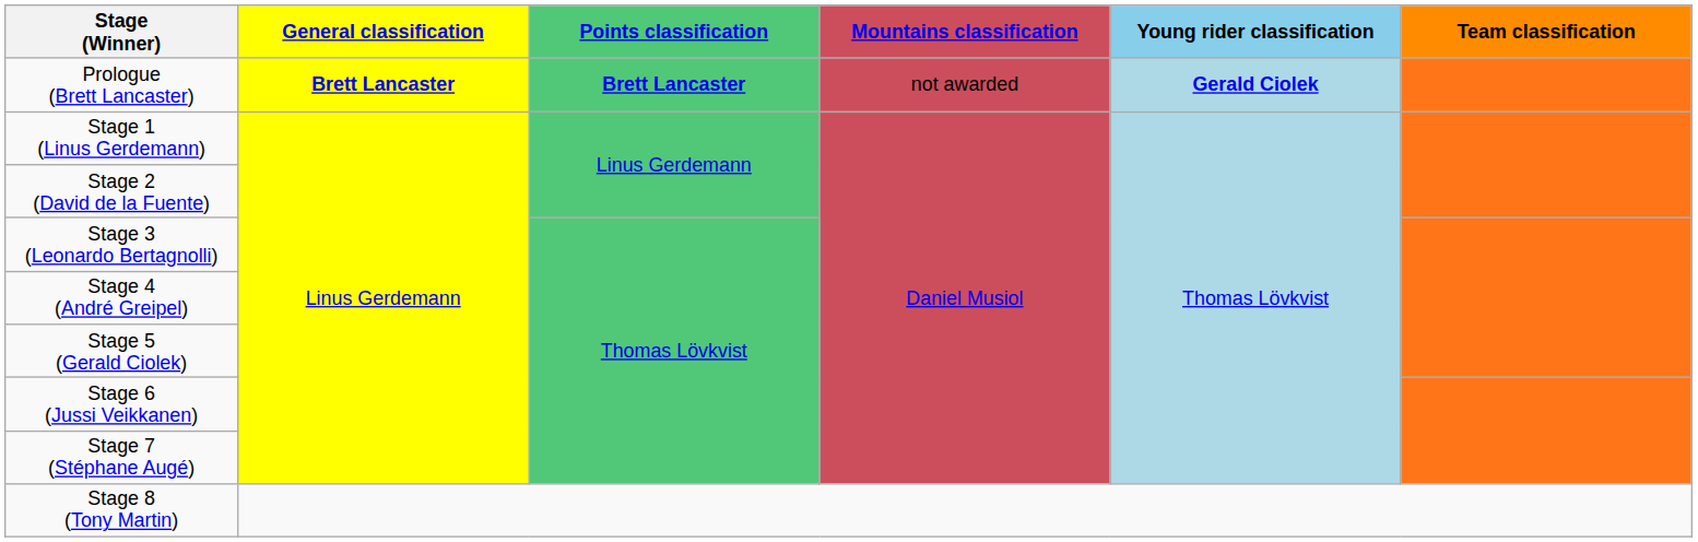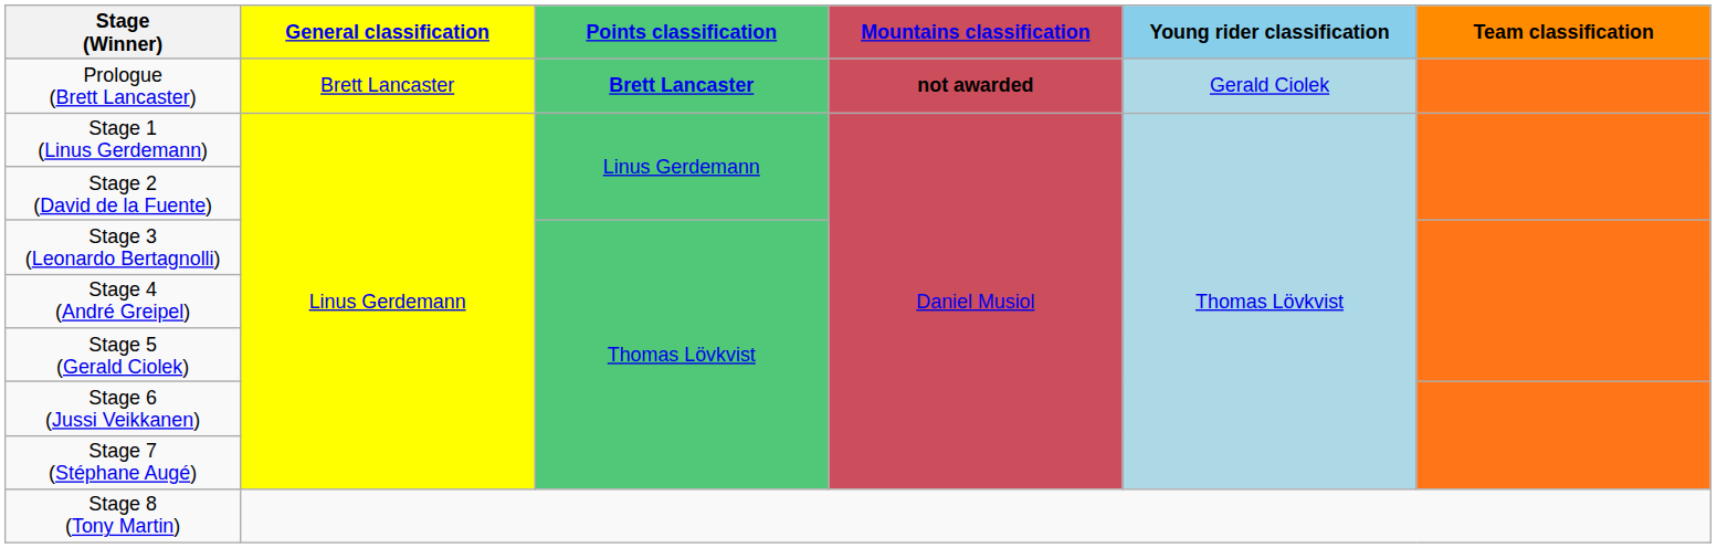 <table class="wikitable" style="text-align: center; font-size:smaller;">
 <tr style="background-color: #efefef;">
 <th width="12%">Stage<br>(Winner)</th>
 <th style="background:yellow;" width="15%"><a href='#'>General classification</a><br></th>
 <th style="background:#50C878;" width="15%"><a href='#'>Points classification</a><br></th>
 <th style="background:#CC4E5C;" width="15%"><a href='#'>Mountains classification</a><br></th>
 <th style="background:#87CEEB;" width="15%">Young rider classification<br></th>
 <th style="background:#FF8C00;" width="15%">Team classification</th>
 </tr>
 <tr>
 <td>Prologue<br>(<a href='#'>Brett Lancaster</a>)</td>
-<td style="background:yellow;" rowspan="1"><strong><a href='#'>Brett Lancaster</a></strong></td>
+<td style="background:yellow;" rowspan="1"><a href='#'>Brett Lancaster</a></td>
 <td style="background:#50C878;" rowspan="1"><strong><a href='#'>Brett Lancaster</a></strong></td>
-<td style="background:#CC4E5C;" rowspan="1">not awarded</td>
-<td style="background:#ADD8E6;" rowspan="1"><strong><a href='#'>Gerald Ciolek</a></strong></td>
+<td style="background:#CC4E5C;" rowspan="1"><strong>not awarded</strong></td>
+<td style="background:#ADD8E6;" rowspan="1"><a href='#'>Gerald Ciolek</a></td>
 <td style="background:#FF7518;" rowspan="1"></td>
 </tr>
 <tr>
 <td>Stage 1<br>(<a href='#'>Linus Gerdemann</a>)</td>
 <td style="background:yellow;" rowspan="7"><a href='#'>Linus Gerdemann</a></td>
 <td style="background:#50C878;" rowspan="2"><a href='#'>Linus Gerdemann</a></td>
 <td style="background:#CC4E5C;" rowspan="7"><a href='#'>Daniel Musiol</a></td>
 <td style="background:#ADD8E6;" rowspan="7"><a href='#'>Thomas Lövkvist</a></td>
 <td style="background:#FF7518;" rowspan="2"></td>
 </tr>
 <tr>
 <td>Stage 2<br>(<a href='#'>David de la Fuente</a>)</td>
 </tr>
 <tr>
 <td>Stage 3<br>(<a href='#'>Leonardo Bertagnolli</a>)</td>
 <td style="background:#50C878;" rowspan="5"><a href='#'>Thomas Lövkvist</a></td>
 <td style="background:#FF7518;" rowspan="3"></td>
 </tr>
 <tr>
 <td>Stage 4<br>(<a href='#'>André Greipel</a>)</td>
 </tr>
 <tr>
 <td>Stage 5<br>(<a href='#'>Gerald Ciolek</a>)</td>
 </tr>
 <tr>
 <td>Stage 6<br>(<a href='#'>Jussi Veikkanen</a>)</td>
 <td style="background:#FF7518;" rowspan="2"></td>
 </tr>
 <tr>
 <td>Stage 7<br>(<a href='#'>Stéphane Augé</a>)</td>
 </tr>
 <tr>
 <td>Stage 8<br>(<a href='#'>Tony Martin</a>)</td>
 </tr>
 </table>
